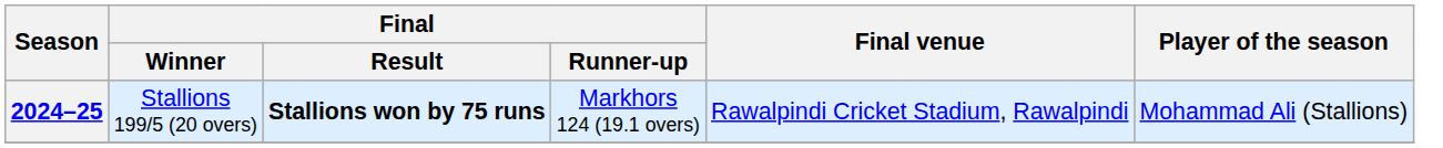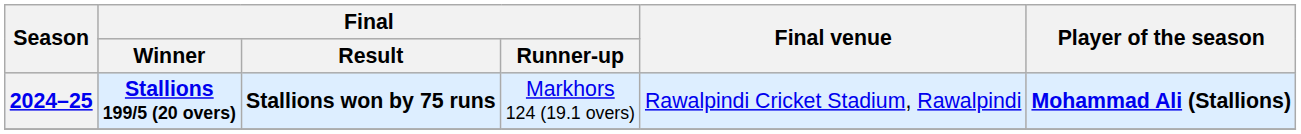 <table class="wikitable sortable" style="font-size:90%; text-align: center;">
 <tr>
 <th rowspan="2">Season</th>
 <th colspan="3">Final</th>
 <th rowspan="2">Final venue</th>
 <th rowspan="2">Player of the season</th>
 </tr>
 <tr>
 <th>Winner</th>
 <th>Result</th>
 <th>Runner-up</th>
 </tr>
 <tr style="background:#ddeeff">
 <th><a href='#'>2024–25</a></th>
-<td><a href='#'>Stallions</a><br><small>199/5 (20 overs)</small></td>
+<td><strong><a href='#'>Stallions</a><br><small>199/5 (20 overs)</small></strong></td>
 <td><strong>Stallions won by 75 runs</strong><br></td>
 <td><a href='#'>Markhors</a><br><small>124 (19.1 overs)</small></td>
 <td><a href='#'>Rawalpindi Cricket Stadium</a>, <a href='#'>Rawalpindi</a></td>
-<td><a href='#'>Mohammad Ali</a> (Stallions)</td>
+<td><strong><a href='#'>Mohammad Ali</a> (Stallions)</strong></td>
 </tr>
 <tr>
 </tr>
 </table>
